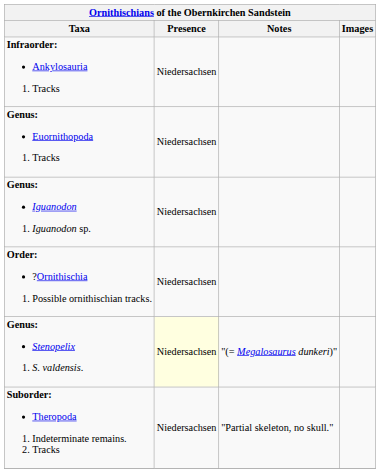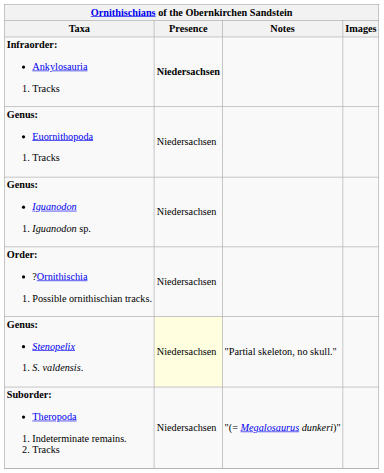 <table class="wikitable" align="center">
 <tr>
 <th colspan="5" align="center"><strong><a href='#'>Ornithischians</a> of the Obernkirchen Sandstein</strong></th>
 </tr>
 <tr>
 <th>Taxa</th>
 <th>Presence</th>
 <th>Notes</th>
 <th>Images</th>
 </tr>
 <tr>
 <td><strong>Infraorder:</strong><br><ul><li><a href='#'>Ankylosauria</a></li></ul><ol><li>Tracks</li></ol></td>
-<td>Niedersachsen</td>
+<td><strong>Niedersachsen</strong></td>
 <td></td>
 <td></td>
 </tr>
 <tr>
 <td><strong>Genus:</strong><br><ul><li><a href='#'>Euornithopoda</a></li></ul><ol><li>Tracks</li></ol></td>
 <td>Niedersachsen</td>
 <td></td>
 <td></td>
 </tr>
 <tr>
 <td><strong>Genus:</strong><br><ul><li><em><a href='#'>Iguanodon</a></em></li></ul><ol><li><em>Iguanodon</em> sp.</li></ol></td>
 <td>Niedersachsen</td>
 <td></td>
 <td></td>
 </tr>
 <tr>
 <td><strong>Order:</strong><br><ul><li>?<a href='#'>Ornithischia</a></li></ul><ol><li>Possible ornithischian tracks.</li></ol></td>
 <td>Niedersachsen</td>
 <td></td>
 <td></td>
 </tr>
 <tr>
 <td><strong>Genus:</strong><br><ul><li><em><a href='#'>Stenopelix</a></em></li></ul><ol><li><em>S. valdensis</em>.</li></ol></td>
 <td style="background: lightyellow;">Niedersachsen</td>
-<td>"(= <em><a href='#'>Megalosaurus</a> dunkeri</em>)"</td>
+<td>"Partial skeleton, no skull."</td>
 <td></td>
 </tr>
 <tr>
 <td><strong>Suborder:</strong><br><ul><li><a href='#'>Theropoda</a></li></ul><ol><li>Indeterminate remains.</li><li>Tracks</li></ol></td>
 <td>Niedersachsen</td>
-<td>"Partial skeleton, no skull."</td>
+<td>"(= <em><a href='#'>Megalosaurus</a> dunkeri</em>)"</td>
 <td></td>
 </tr>
 <tr>
 </tr>
 </table>
